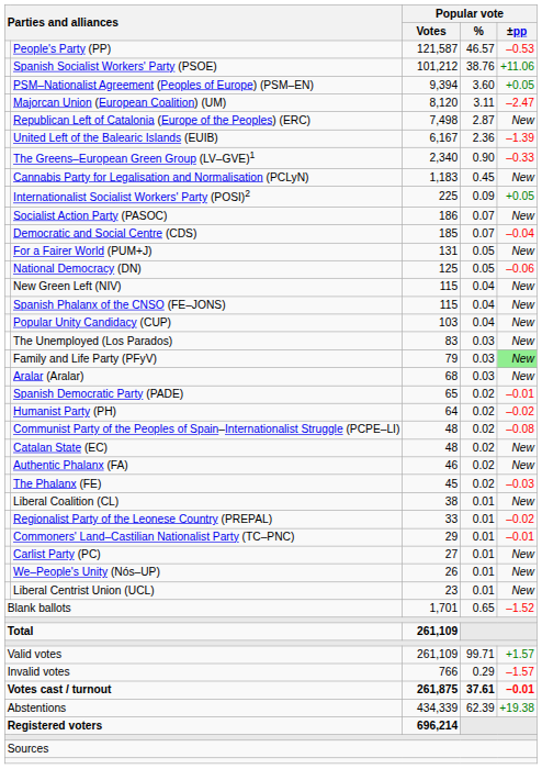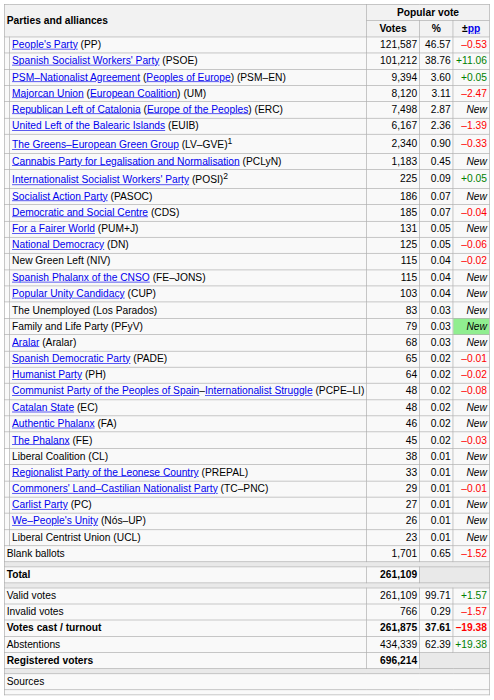 <table class="wikitable" style="text-align:right">
 <tr>
 <th style="text-align:left;" rowspan="2" colspan="2" width="525">Parties and alliances</th>
 <th colspan="3">Popular vote</th>
 </tr>
 <tr>
 <th width="75">Votes</th>
 <th width="45">%</th>
 <th width="45">±<a href='#'>pp</a></th>
 </tr>
 <tr>
 <td width="1" style="color:inherit;background:"></td>
 <td align="left"><a href='#'>People's Party</a> (PP)</td>
 <td>121,587</td>
 <td>46.57</td>
 <td style="color:red;">–0.53</td>
 </tr>
 <tr>
 <td style="color:inherit;background:"></td>
 <td align="left"><a href='#'>Spanish Socialist Workers' Party</a> (PSOE)</td>
 <td>101,212</td>
 <td>38.76</td>
 <td style="color:green;">+11.06</td>
 </tr>
 <tr>
 <td style="color:inherit;background:"></td>
 <td align="left"><a href='#'>PSM–Nationalist Agreement</a> (<a href='#'>Peoples of Europe</a>) (PSM–EN)</td>
 <td>9,394</td>
 <td>3.60</td>
 <td style="color:green;">+0.05</td>
 </tr>
 <tr>
 <td style="color:inherit;background:"></td>
 <td align="left"><a href='#'>Majorcan Union</a> (<a href='#'>European Coalition</a>) (UM)</td>
 <td>8,120</td>
 <td>3.11</td>
 <td style="color:red;">–2.47</td>
 </tr>
 <tr>
 <td style="color:inherit;background:"></td>
 <td align="left"><a href='#'>Republican Left of Catalonia</a> (<a href='#'>Europe of the Peoples</a>) (ERC)</td>
 <td>7,498</td>
 <td>2.87</td>
 <td><em>New</em></td>
 </tr>
 <tr>
 <td style="color:inherit;background:"></td>
 <td align="left"><a href='#'>United Left of the Balearic Islands</a> (EUIB)</td>
 <td>6,167</td>
 <td>2.36</td>
 <td style="color:red;">–1.39</td>
 </tr>
 <tr>
 <td style="color:inherit;background:"></td>
 <td align="left"><a href='#'>The Greens–European Green Group</a> (LV–GVE)<sup>1</sup></td>
 <td>2,340</td>
 <td>0.90</td>
 <td style="color:red;">–0.33</td>
 </tr>
 <tr>
 <td style="color:inherit;background:"></td>
 <td align="left"><a href='#'>Cannabis Party for Legalisation and Normalisation</a> (PCLyN)</td>
 <td>1,183</td>
 <td>0.45</td>
 <td><em>New</em></td>
 </tr>
 <tr>
 <td style="color:inherit;background:"></td>
 <td align="left"><a href='#'>Internationalist Socialist Workers' Party</a> (POSI)<sup>2</sup></td>
 <td>225</td>
 <td>0.09</td>
 <td style="color:green;">+0.05</td>
 </tr>
 <tr>
 <td style="color:inherit;background:"></td>
 <td align="left"><a href='#'>Socialist Action Party</a> (PASOC)</td>
 <td>186</td>
 <td>0.07</td>
 <td><em>New</em></td>
 </tr>
 <tr>
 <td style="color:inherit;background:"></td>
 <td align="left"><a href='#'>Democratic and Social Centre</a> (CDS)</td>
 <td>185</td>
 <td>0.07</td>
 <td style="color:red;">–0.04</td>
 </tr>
 <tr>
 <td style="color:inherit;background:"></td>
 <td align="left"><a href='#'>For a Fairer World</a> (PUM+J)</td>
 <td>131</td>
 <td>0.05</td>
 <td><em>New</em></td>
 </tr>
 <tr>
 <td style="color:inherit;background:"></td>
 <td align="left"><a href='#'>National Democracy</a> (DN)</td>
 <td>125</td>
 <td>0.05</td>
 <td style="color:red;">–0.06</td>
 </tr>
 <tr>
 <td style="color:inherit;background:"></td>
 <td align="left">New Green Left (NIV)</td>
 <td>115</td>
 <td>0.04</td>
-<td><em>New</em></td>
+<td style="color:red;">–0.02</td>
 </tr>
 <tr>
 <td style="color:inherit;background:"></td>
 <td align="left"><a href='#'>Spanish Phalanx of the CNSO</a> (FE–JONS)</td>
 <td>115</td>
 <td>0.04</td>
 <td><em>New</em></td>
 </tr>
 <tr>
 <td style="color:inherit;background:"></td>
 <td align="left"><a href='#'>Popular Unity Candidacy</a> (CUP)</td>
 <td>103</td>
 <td>0.04</td>
 <td><em>New</em></td>
 </tr>
 <tr>
 <td bgcolor="white"></td>
 <td align="left">The Unemployed (Los Parados)</td>
 <td>83</td>
 <td>0.03</td>
 <td><em>New</em></td>
 </tr>
 <tr>
 <td style="color:inherit;background:"></td>
 <td align="left">Family and Life Party (PFyV)</td>
 <td>79</td>
 <td>0.03</td>
 <td style="background: lightgreen;"><em>New</em></td>
 </tr>
 <tr>
 <td style="color:inherit;background:"></td>
 <td align="left"><a href='#'>Aralar</a> (Aralar)</td>
 <td>68</td>
 <td>0.03</td>
 <td><em>New</em></td>
 </tr>
 <tr>
 <td style="color:inherit;background:"></td>
 <td align="left"><a href='#'>Spanish Democratic Party</a> (PADE)</td>
 <td>65</td>
 <td>0.02</td>
 <td style="color:red;">–0.01</td>
 </tr>
 <tr>
 <td style="color:inherit;background:"></td>
 <td align="left"><a href='#'>Humanist Party</a> (PH)</td>
 <td>64</td>
 <td>0.02</td>
 <td style="color:red;">–0.02</td>
 </tr>
 <tr>
 <td style="color:inherit;background:"></td>
 <td align="left"><a href='#'>Communist Party of the Peoples of Spain</a>–<a href='#'>Internationalist Struggle</a> (PCPE–LI)</td>
 <td>48</td>
 <td>0.02</td>
 <td style="color:red;">–0.08</td>
 </tr>
 <tr>
 <td style="color:inherit;background:"></td>
 <td align="left"><a href='#'>Catalan State</a> (EC)</td>
 <td>48</td>
 <td>0.02</td>
 <td><em>New</em></td>
 </tr>
 <tr>
 <td style="color:inherit;background:"></td>
 <td align="left"><a href='#'>Authentic Phalanx</a> (FA)</td>
 <td>46</td>
 <td>0.02</td>
 <td><em>New</em></td>
 </tr>
 <tr>
 <td style="color:inherit;background:"></td>
 <td align="left"><a href='#'>The Phalanx</a> (FE)</td>
 <td>45</td>
 <td>0.02</td>
 <td style="color:red;">–0.03</td>
 </tr>
 <tr>
 <td bgcolor="white"></td>
 <td align="left">Liberal Coalition (CL)</td>
 <td>38</td>
 <td>0.01</td>
 <td><em>New</em></td>
 </tr>
 <tr>
 <td style="color:inherit;background:"></td>
 <td align="left"><a href='#'>Regionalist Party of the Leonese Country</a> (PREPAL)</td>
 <td>33</td>
 <td>0.01</td>
-<td style="color:red;">–0.02</td>
+<td><em>New</em></td>
 </tr>
 <tr>
 <td style="color:inherit;background:"></td>
 <td align="left"><a href='#'>Commoners' Land–Castilian Nationalist Party</a> (TC–PNC)</td>
 <td>29</td>
 <td>0.01</td>
 <td style="color:red;">–0.01</td>
 </tr>
 <tr>
 <td style="color:inherit;background:"></td>
 <td align="left"><a href='#'>Carlist Party</a> (PC)</td>
 <td>27</td>
 <td>0.01</td>
 <td><em>New</em></td>
 </tr>
 <tr>
 <td style="color:inherit;background:"></td>
 <td align="left"><a href='#'>We–People's Unity</a> (Nós–UP)</td>
 <td>26</td>
 <td>0.01</td>
 <td><em>New</em></td>
 </tr>
 <tr>
 <td style="color:inherit;background:"></td>
 <td align="left">Liberal Centrist Union (UCL)</td>
 <td>23</td>
 <td>0.01</td>
 <td><em>New</em></td>
 </tr>
 <tr>
 <td align="left" colspan="2">Blank ballots</td>
 <td>1,701</td>
 <td>0.65</td>
 <td style="color:red;">–1.52</td>
 </tr>
 <tr>
 <td colspan="5" bgcolor="#E9E9E9"></td>
 </tr>
 <tr style="font-weight:bold;">
 <td align="left" colspan="2">Total</td>
 <td>261,109</td>
 <td bgcolor="#E9E9E9" colspan="2"></td>
 </tr>
 <tr>
 <td colspan="5" bgcolor="#E9E9E9"></td>
 </tr>
 <tr>
 <td align="left" colspan="2">Valid votes</td>
 <td>261,109</td>
 <td>99.71</td>
 <td style="color:green;">+1.57</td>
 </tr>
 <tr>
 <td align="left" colspan="2">Invalid votes</td>
 <td>766</td>
 <td>0.29</td>
 <td style="color:red;">–1.57</td>
 </tr>
 <tr style="font-weight:bold;">
 <td align="left" colspan="2">Votes cast / turnout</td>
 <td>261,875</td>
 <td>37.61</td>
-<td style="color:red;">–0.01</td>
+<td style="color:red;">–19.38</td>
 </tr>
 <tr>
 <td align="left" colspan="2">Abstentions</td>
 <td>434,339</td>
 <td>62.39</td>
 <td style="color:green;">+19.38</td>
 </tr>
 <tr style="font-weight:bold;">
 <td align="left" colspan="2">Registered voters</td>
 <td>696,214</td>
 <td bgcolor="#E9E9E9" colspan="2"></td>
 </tr>
 <tr>
 <td colspan="5" bgcolor="#E9E9E9"></td>
 </tr>
 <tr>
 <td align="left" colspan="5">Sources</td>
 </tr>
 <tr>
 <td colspan="5" style="text-align:left; max-width:680px;"></td>
 </tr>
 </table>
